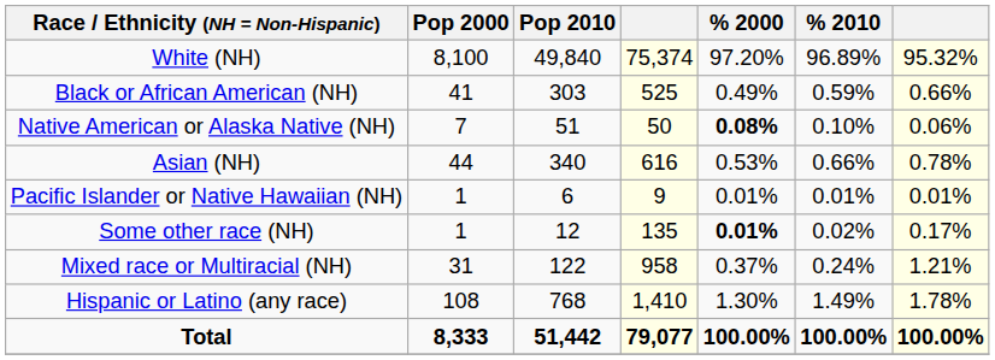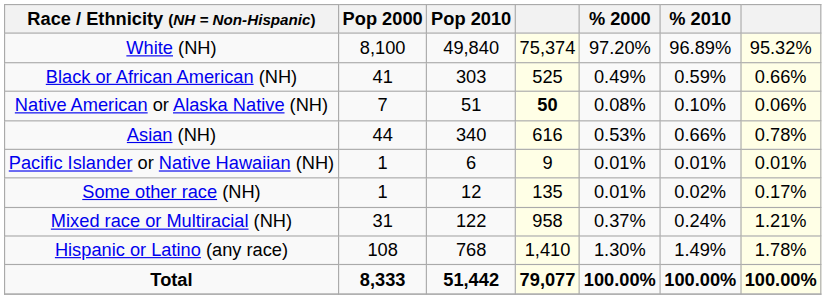 <table class="wikitable" style="text-align:center;">
 <tr>
 <th>Race / Ethnicity <small>(<em>NH = Non-Hispanic</em>)</small></th>
 <th>Pop 2000</th>
 <th>Pop 2010</th>
 <th></th>
 <th>% 2000</th>
 <th>% 2010</th>
 <th></th>
 </tr>
 <tr>
 <td><a href='#'>White</a> (NH)</td>
 <td>8,100</td>
 <td>49,840</td>
 <td style='background: #ffffe6;'>75,374</td>
 <td>97.20%</td>
 <td>96.89%</td>
 <td style='background: #ffffe6;'>95.32%</td>
 </tr>
 <tr>
 <td><a href='#'>Black or African American</a> (NH)</td>
 <td>41</td>
 <td>303</td>
 <td style='background: #ffffe6;'>525</td>
 <td>0.49%</td>
 <td>0.59%</td>
 <td style='background: #ffffe6;'>0.66%</td>
 </tr>
 <tr>
 <td><a href='#'>Native American</a> or <a href='#'>Alaska Native</a> (NH)</td>
 <td>7</td>
 <td>51</td>
-<td style='background: #ffffe6;'>50</td>
-<td><strong>0.08%</strong></td>
+<td style='background: #ffffe6;'><strong>50</strong></td>
+<td>0.08%</td>
 <td>0.10%</td>
 <td style='background: #ffffe6;'>0.06%</td>
 </tr>
 <tr>
 <td><a href='#'>Asian</a> (NH)</td>
 <td>44</td>
 <td>340</td>
 <td style='background: #ffffe6;'>616</td>
 <td>0.53%</td>
 <td>0.66%</td>
 <td style='background: #ffffe6;'>0.78%</td>
 </tr>
 <tr>
 <td><a href='#'>Pacific Islander</a> or <a href='#'>Native Hawaiian</a> (NH)</td>
 <td>1</td>
 <td>6</td>
 <td style='background: #ffffe6;'>9</td>
 <td>0.01%</td>
 <td>0.01%</td>
 <td style='background: #ffffe6;'>0.01%</td>
 </tr>
 <tr>
 <td><a href='#'>Some other race</a> (NH)</td>
 <td>1</td>
 <td>12</td>
 <td style='background: #ffffe6;'>135</td>
-<td><strong>0.01%</strong></td>
+<td>0.01%</td>
 <td>0.02%</td>
 <td style='background: #ffffe6;'>0.17%</td>
 </tr>
 <tr>
 <td><a href='#'>Mixed race or Multiracial</a> (NH)</td>
 <td>31</td>
 <td>122</td>
 <td style='background: #ffffe6;'>958</td>
 <td>0.37%</td>
 <td>0.24%</td>
 <td style='background: #ffffe6;'>1.21%</td>
 </tr>
 <tr>
 <td><a href='#'>Hispanic or Latino</a> (any race)</td>
 <td>108</td>
 <td>768</td>
 <td style='background: #ffffe6;'>1,410</td>
 <td>1.30%</td>
 <td>1.49%</td>
 <td style='background: #ffffe6;'>1.78%</td>
 </tr>
 <tr>
 <td><strong>Total</strong></td>
 <td><strong>8,333</strong></td>
 <td><strong>51,442</strong></td>
 <td style='background: #ffffe6;'><strong>79,077</strong></td>
 <td><strong>100.00%</strong></td>
 <td><strong>100.00%</strong></td>
 <td style='background: #ffffe6;'><strong>100.00%</strong></td>
 </tr>
 <tr>
 </tr>
 </table>
